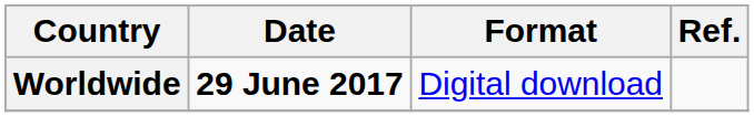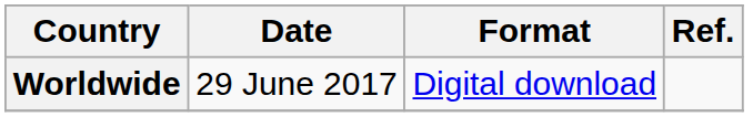 <table class="wikitable plainrowheaders">
 <tr>
 <th scope="col">Country</th>
 <th scope="col">Date</th>
 <th scope="col">Format</th>
 <th scope="col">Ref.</th>
 </tr>
 <tr>
 <th scope="row">Worldwide</th>
-<td rowspan="1"><strong>29 June 2017</strong></td>
+<td rowspan="1">29 June 2017</td>
 <td rowspan="1"><a href='#'>Digital download</a></td>
 <td></td>
 </tr>
 <tr>
 </tr>
 </table>
